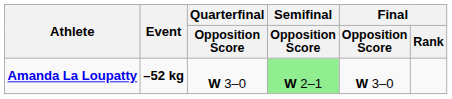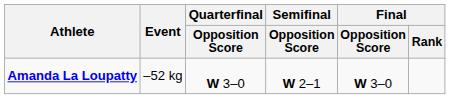 <table class="wikitable" style="font-size:90%">
 <tr align="center">
 <th rowspan="2">Athlete</th>
 <th rowspan="2">Event</th>
 <th>Quarterfinal</th>
 <th>Semifinal</th>
 <th colspan=2>Final</th>
 </tr>
 <tr style="font-size:95%",  align="center">
 <th>Opposition<br>Score</th>
 <th>Opposition<br>Score</th>
 <th>Opposition<br>Score</th>
 <th>Rank</th>
 </tr>
 <tr align="center">
 <td><strong><a href='#'>Amanda La Loupatty</a></strong></td>
-<td><strong>–52 kg</strong></td>
+<td>–52 kg</td>
 <td><br><strong>W</strong> 3–0</td>
-<td style="background: lightgreen;"><br><strong>W</strong> 2–1</td>
+<td><br><strong>W</strong> 2–1</td>
 <td><br><strong>W</strong> 3–0</td>
 <td></td>
 </tr>
 </table>
